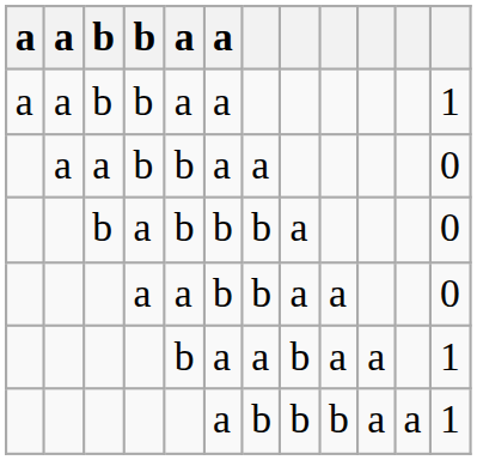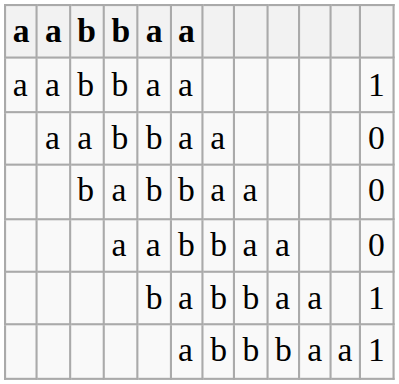 <table class="wikitable">
 <tr>
 <th>a</th>
 <th>a</th>
 <th>b</th>
 <th>b</th>
 <th>a</th>
 <th>a</th>
 <th></th>
 <th></th>
 <th></th>
 <th></th>
 <th></th>
 <th></th>
 </tr>
 <tr>
 <td>a</td>
 <td>a</td>
 <td>b</td>
 <td>b</td>
 <td>a</td>
 <td>a</td>
 <td></td>
 <td></td>
 <td></td>
 <td></td>
 <td></td>
 <td>1</td>
 </tr>
 <tr>
 <td></td>
 <td>a</td>
 <td>a</td>
 <td>b</td>
 <td>b</td>
 <td>a</td>
 <td>a</td>
 <td></td>
 <td></td>
 <td></td>
 <td></td>
 <td>0</td>
 </tr>
 <tr>
 <td></td>
 <td></td>
 <td>b</td>
 <td>a</td>
 <td>b</td>
 <td>b</td>
-<td>b</td>
+<td>a</td>
 <td>a</td>
 <td></td>
 <td></td>
 <td></td>
 <td>0</td>
 </tr>
 <tr>
 <td></td>
 <td></td>
 <td></td>
 <td>a</td>
 <td>a</td>
 <td>b</td>
 <td>b</td>
 <td>a</td>
 <td>a</td>
 <td></td>
 <td></td>
 <td>0</td>
 </tr>
 <tr>
 <td></td>
 <td></td>
 <td></td>
 <td></td>
 <td>b</td>
 <td>a</td>
-<td>a</td>
+<td>b</td>
 <td>b</td>
 <td>a</td>
 <td>a</td>
 <td></td>
 <td>1</td>
 </tr>
 <tr>
 <td></td>
 <td></td>
 <td></td>
 <td></td>
 <td></td>
 <td>a</td>
 <td>b</td>
 <td>b</td>
 <td>b</td>
 <td>a</td>
 <td>a</td>
 <td>1</td>
 </tr>
 </table>
